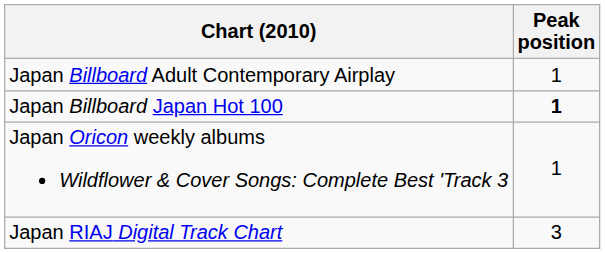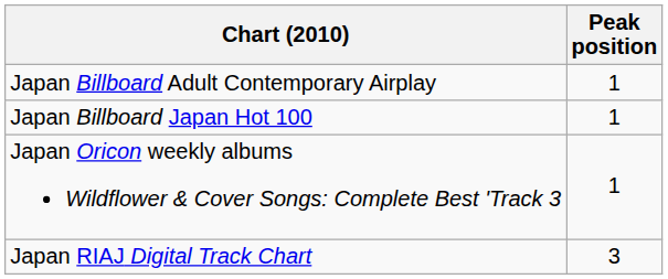 <table class="wikitable sortable">
 <tr>
 <th>Chart (2010)</th>
 <th>Peak<br>position</th>
 </tr>
 <tr>
 <td>Japan <em><a href='#'>Billboard</a></em> Adult Contemporary Airplay</td>
 <td style="text-align:center;">1</td>
 </tr>
 <tr>
 <td>Japan <em>Billboard</em> <a href='#'>Japan Hot 100</a></td>
-<td style="text-align:center;"><strong>1</strong></td>
+<td style="text-align:center;">1</td>
 </tr>
 <tr>
 <td>Japan <em><a href='#'>Oricon</a></em> weekly albums<br><ul><li><em>Wildflower & Cover Songs: Complete Best 'Track 3<strong></li></ul></td>
 <td align="center">1</td>
 </tr>
 <tr>
 <td>Japan <a href='#'></em>RIAJ<em> Digital Track Chart</a></td>
 <td align="center">3</td>
 </tr>
 </table>
